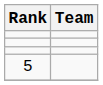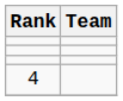 <table class=wikitable style="text-align: center;">
 <tr>
 <th>Rank</th>
 <th>Team</th>
 </tr>
 <tr>
 <td></td>
 <td align=left></td>
 </tr>
 <tr>
 <td></td>
 <td align=left></td>
 </tr>
 <tr>
 <td></td>
 <td align=left></td>
 </tr>
 <tr>
-<td>5</td>
+<td>4</td>
 <td align=left></td>
 </tr>
 <tr>
 </tr>
 </table>
